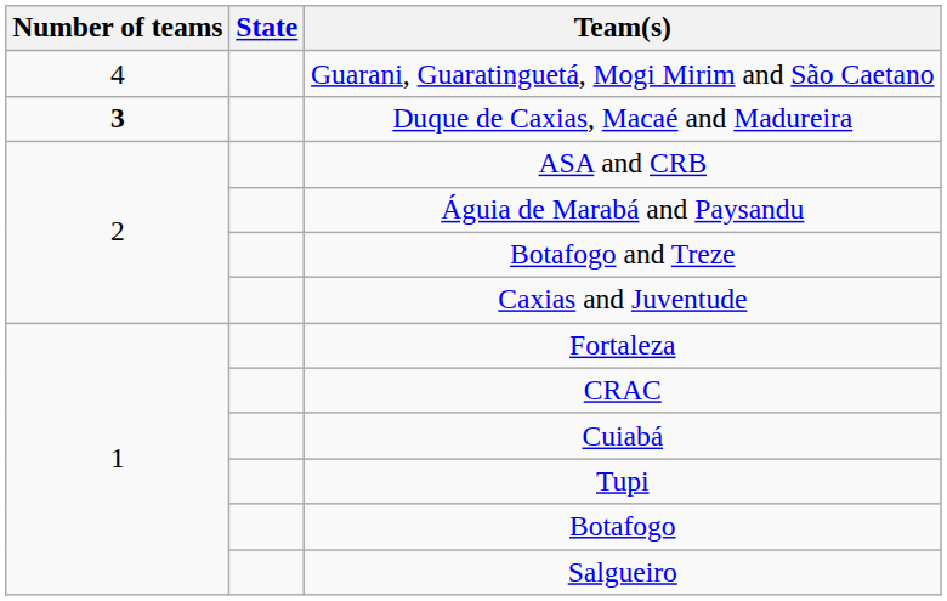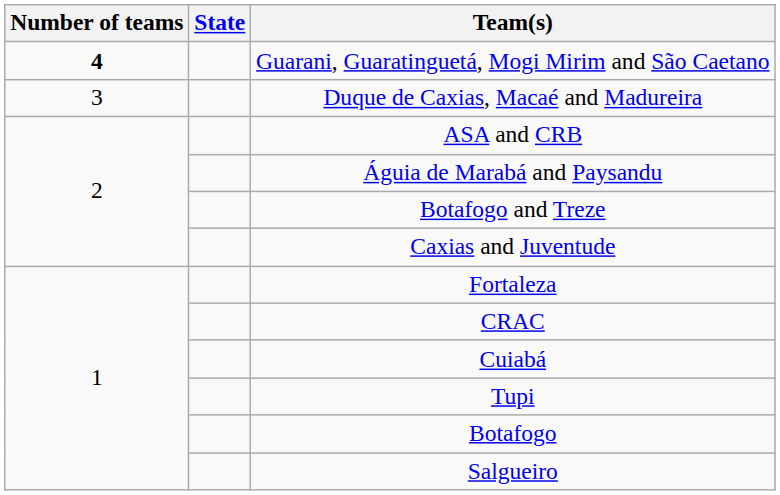 <table class="wikitable" style="text-align:center">
 <tr>
 <th>Number of teams</th>
 <th><a href='#'>State</a></th>
 <th>Team(s)</th>
 </tr>
 <tr>
-<td rowspan="1">4</td>
+<td rowspan="1"><strong>4</strong></td>
 <td align="left"></td>
 <td><a href='#'>Guarani</a>, <a href='#'>Guaratinguetá</a>, <a href='#'>Mogi Mirim</a> and <a href='#'>São Caetano</a></td>
 </tr>
 <tr>
-<td rowspan="1"><strong>3</strong></td>
+<td rowspan="1">3</td>
 <td align="left"></td>
 <td><a href='#'>Duque de Caxias</a>, <a href='#'>Macaé</a> and <a href='#'>Madureira</a></td>
 </tr>
 <tr>
 <td rowspan="4">2</td>
 <td align="left"></td>
 <td><a href='#'>ASA</a> and <a href='#'>CRB</a></td>
 </tr>
 <tr>
 <td align="left"></td>
 <td><a href='#'>Águia de Marabá</a> and <a href='#'>Paysandu</a></td>
 </tr>
 <tr>
 <td align="left"></td>
 <td><a href='#'>Botafogo</a> and <a href='#'>Treze</a></td>
 </tr>
 <tr>
 <td align="left"></td>
 <td><a href='#'>Caxias</a> and <a href='#'>Juventude</a></td>
 </tr>
 <tr>
 <td rowspan="6">1</td>
 <td align="left"></td>
 <td><a href='#'>Fortaleza</a></td>
 </tr>
 <tr>
 <td align="left"></td>
 <td><a href='#'>CRAC</a></td>
 </tr>
 <tr>
 <td align="left"></td>
 <td><a href='#'>Cuiabá</a></td>
 </tr>
 <tr>
 <td align="left"></td>
 <td><a href='#'>Tupi</a></td>
 </tr>
 <tr>
 <td align="left"></td>
 <td><a href='#'>Botafogo</a></td>
 </tr>
 <tr>
 <td align="left"></td>
 <td><a href='#'>Salgueiro</a></td>
 </tr>
 </table>
